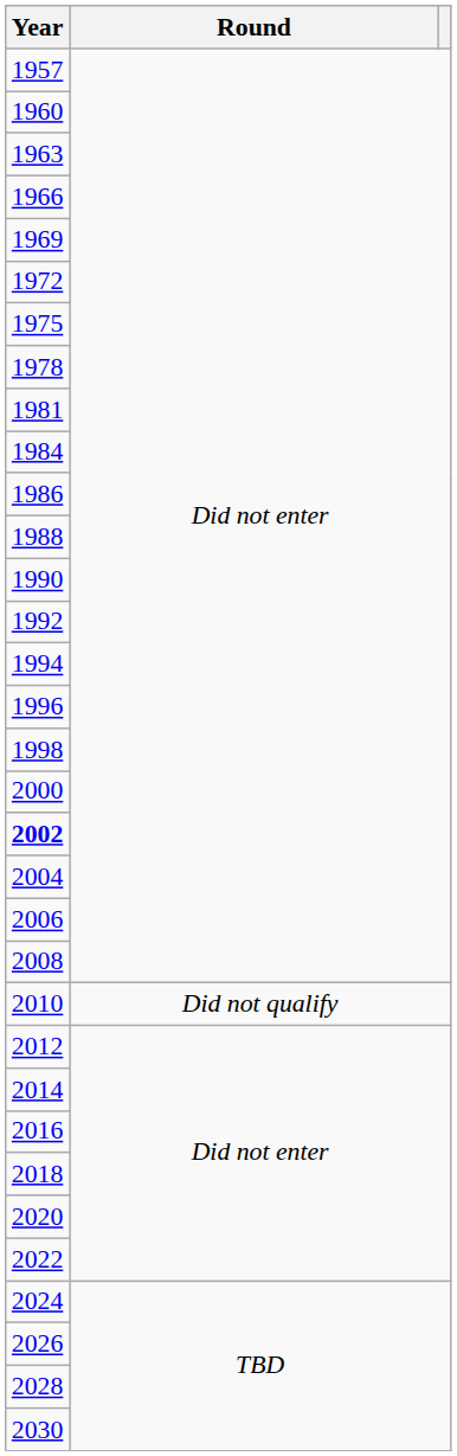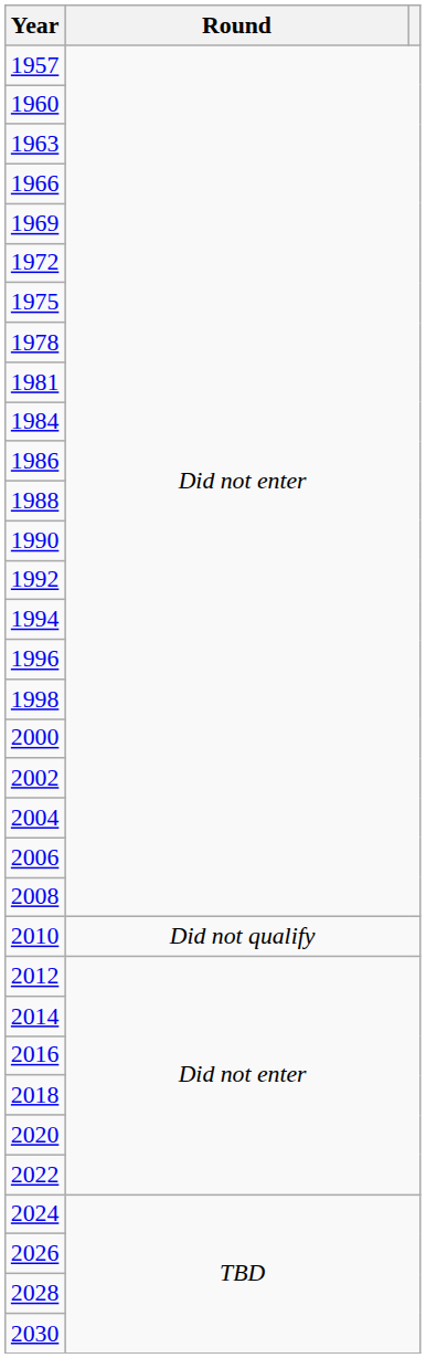 <table class="wikitable" style="text-align: center; font-size:90%">
 <tr>
 <th>Year</th>
 <th style="width:200px">Round</th>
 <th></th>
 </tr>
 <tr>
 <td><a href='#'>1957</a></td>
 <td colspan="2" rowspan="22"><em>Did not enter</em></td>
 </tr>
 <tr>
 <td><a href='#'>1960</a></td>
 </tr>
 <tr>
 <td><a href='#'>1963</a></td>
 </tr>
 <tr>
 <td><a href='#'>1966</a></td>
 </tr>
 <tr>
 <td><a href='#'>1969</a></td>
 </tr>
 <tr>
 <td><a href='#'>1972</a></td>
 </tr>
 <tr>
 <td><a href='#'>1975</a></td>
 </tr>
 <tr>
 <td><a href='#'>1978</a></td>
 </tr>
 <tr>
 <td><a href='#'>1981</a></td>
 </tr>
 <tr>
 <td><a href='#'>1984</a></td>
 </tr>
 <tr>
 <td><a href='#'>1986</a></td>
 </tr>
 <tr>
 <td><a href='#'>1988</a></td>
 </tr>
 <tr>
 <td><a href='#'>1990</a></td>
 </tr>
 <tr>
 <td><a href='#'>1992</a></td>
 </tr>
 <tr>
 <td><a href='#'>1994</a></td>
 </tr>
 <tr>
 <td><a href='#'>1996</a></td>
 </tr>
 <tr>
 <td><a href='#'>1998</a></td>
 </tr>
 <tr>
 <td><a href='#'>2000</a></td>
 </tr>
 <tr>
-<td><strong><a href='#'>2002</a></strong></td>
+<td><a href='#'>2002</a></td>
 </tr>
 <tr>
 <td><a href='#'>2004</a></td>
 </tr>
 <tr>
 <td><a href='#'>2006</a></td>
 </tr>
 <tr>
 <td><a href='#'>2008</a></td>
 </tr>
 <tr>
 <td><a href='#'>2010</a></td>
 <td colspan="2"><em>Did not qualify</em></td>
 </tr>
 <tr>
 <td><a href='#'>2012</a></td>
 <td colspan="2" rowspan="6"><em>Did not enter</em></td>
 </tr>
 <tr>
 <td><a href='#'>2014</a></td>
 </tr>
 <tr>
 <td><a href='#'>2016</a></td>
 </tr>
 <tr>
 <td><a href='#'>2018</a></td>
 </tr>
 <tr>
 <td><a href='#'>2020</a></td>
 </tr>
 <tr>
 <td><a href='#'>2022</a></td>
 </tr>
 <tr>
 <td><a href='#'>2024</a></td>
 <td colspan="2" rowspan="4"><em>TBD</em></td>
 </tr>
 <tr>
 <td><a href='#'>2026</a></td>
 </tr>
 <tr>
 <td><a href='#'>2028</a></td>
 </tr>
 <tr>
 <td><a href='#'>2030</a></td>
 </tr>
 </table>
